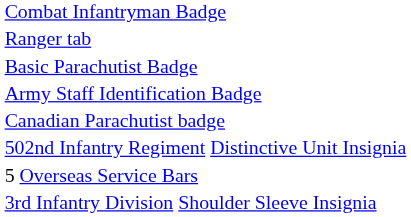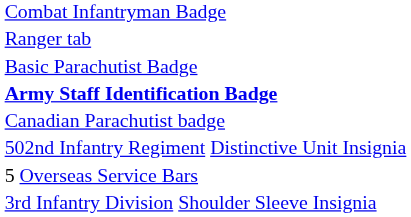 <table>
 <tr>
 <td>  <a href='#'>Combat Infantryman Badge</a></td>
 </tr>
 <tr>
 <td>  <a href='#'>Ranger tab</a></td>
 </tr>
 <tr>
 <td>  <a href='#'>Basic Parachutist Badge</a></td>
 </tr>
 <tr>
-<td>  <a href='#'>Army Staff Identification Badge</a></td>
+<td><strong>  <a href='#'>Army Staff Identification Badge</a></strong></td>
 </tr>
 <tr>
 <td>  <a href='#'>Canadian Parachutist badge</a></td>
 </tr>
 <tr>
 <td>  <a href='#'>502nd Infantry Regiment</a> <a href='#'>Distinctive Unit Insignia</a></td>
 </tr>
 <tr>
 <td>  5 <a href='#'>Overseas Service Bars</a></td>
 </tr>
 <tr>
 <td>  <a href='#'>3rd Infantry Division</a> <a href='#'>Shoulder Sleeve Insignia</a></td>
 </tr>
 </table>
